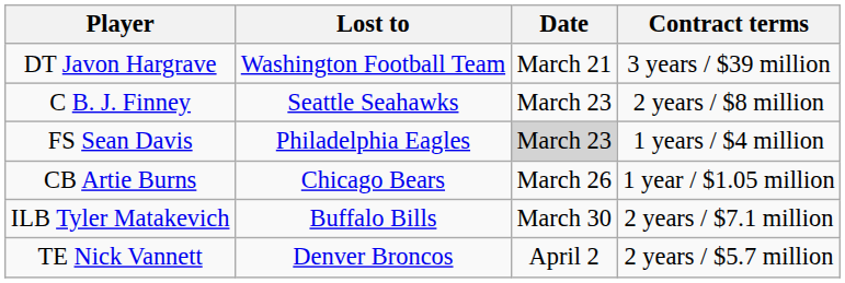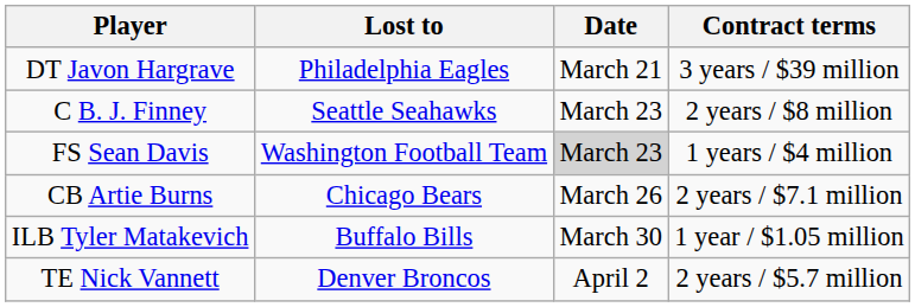 <table class="wikitable" style="text-align:center">
 <tr>
 <th>Player</th>
 <th>Lost to</th>
 <th>Date</th>
 <th>Contract terms</th>
 </tr>
 <tr>
 <td>DT <a href='#'>Javon Hargrave</a></td>
-<td><a href='#'>Washington Football Team</a></td>
+<td><a href='#'>Philadelphia Eagles</a></td>
 <td>March 21</td>
 <td>3 years / $39 million</td>
 </tr>
 <tr>
 <td>C <a href='#'>B. J. Finney</a></td>
 <td><a href='#'>Seattle Seahawks</a></td>
 <td>March 23</td>
 <td>2 years / $8 million</td>
 </tr>
 <tr>
 <td>FS <a href='#'>Sean Davis</a></td>
-<td><a href='#'>Philadelphia Eagles</a></td>
+<td><a href='#'>Washington Football Team</a></td>
 <td style="background: lightgrey;">March 23</td>
 <td>1 years / $4 million</td>
 </tr>
 <tr>
 <td>CB <a href='#'>Artie Burns</a></td>
 <td><a href='#'>Chicago Bears</a></td>
 <td>March 26</td>
-<td>1 year / $1.05 million</td>
+<td>2 years / $7.1 million</td>
 </tr>
 <tr>
 <td>ILB <a href='#'>Tyler Matakevich</a></td>
 <td><a href='#'>Buffalo Bills</a></td>
 <td>March 30</td>
-<td>2 years / $7.1 million</td>
+<td>1 year / $1.05 million</td>
 </tr>
 <tr>
 <td>TE <a href='#'>Nick Vannett</a></td>
 <td><a href='#'>Denver Broncos</a></td>
 <td>April 2</td>
 <td>2 years / $5.7 million</td>
 </tr>
 </table>
